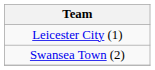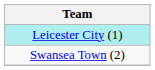 <table class="wikitable" style="text-align:center;">
 <tr>
 <th width=175>Team</th>
 </tr>
 <tr>
-<td><a href='#'>Leicester City</a> (1)</td>
+<td style="background: paleturquoise;"><a href='#'>Leicester City</a> (1)</td>
 </tr>
 <tr>
 <td><a href='#'>Swansea Town</a> (2)</td>
 </tr>
 <tr>
 </tr>
 </table>
